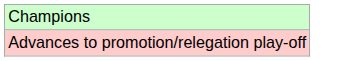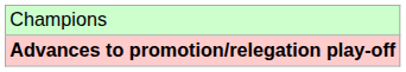 <table class="wikitable">
 <tr width=10px bgcolor="#ccffcc">
 <td>Champions</td>
 </tr>
 <tr width=10px bgcolor="#ffcccc">
-<td>Advances to promotion/relegation play-off</td>
+<td><strong>Advances to promotion/relegation play-off</strong></td>
 </tr>
 </table>
